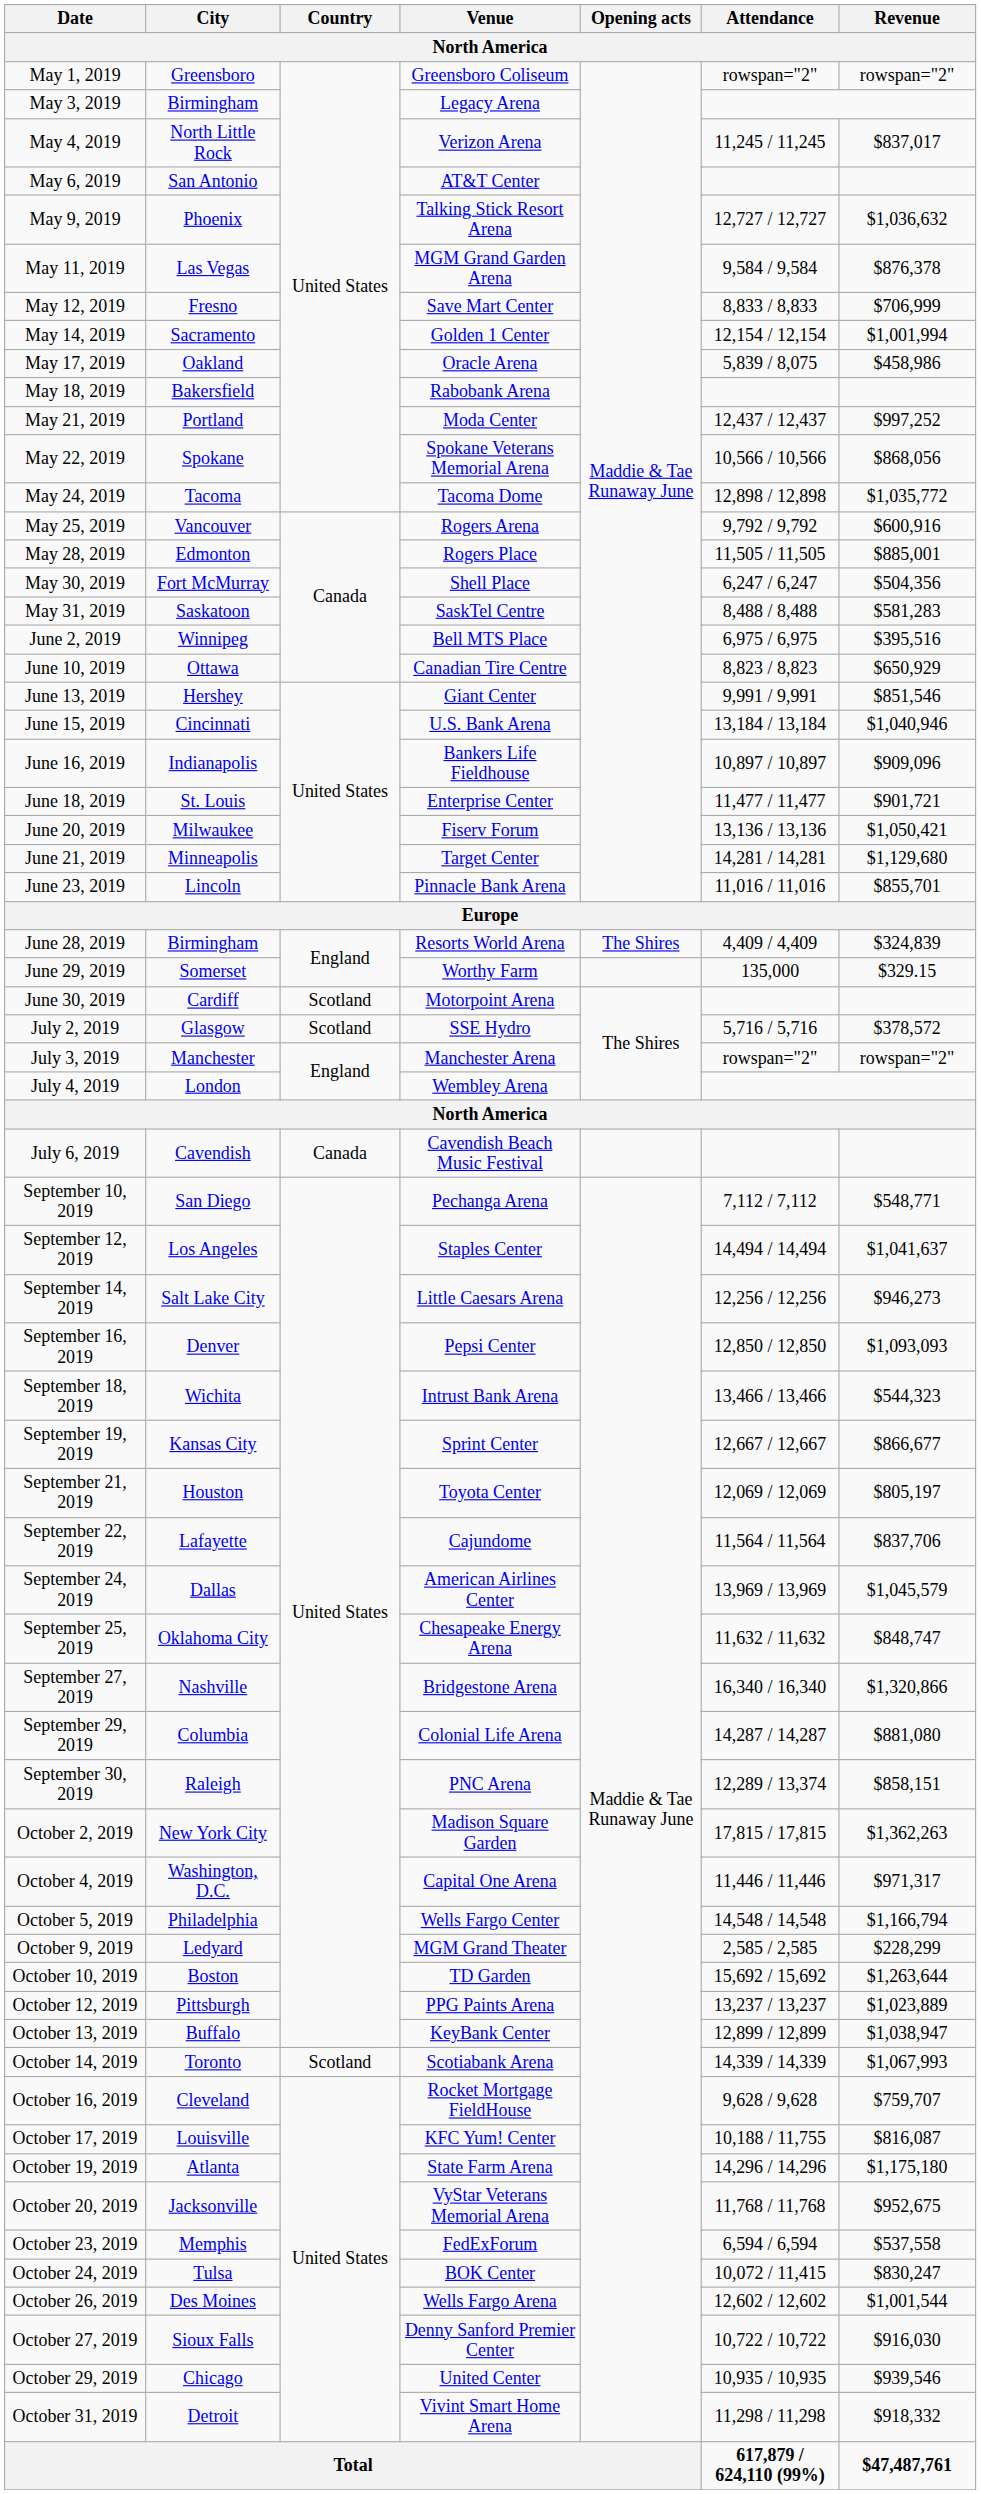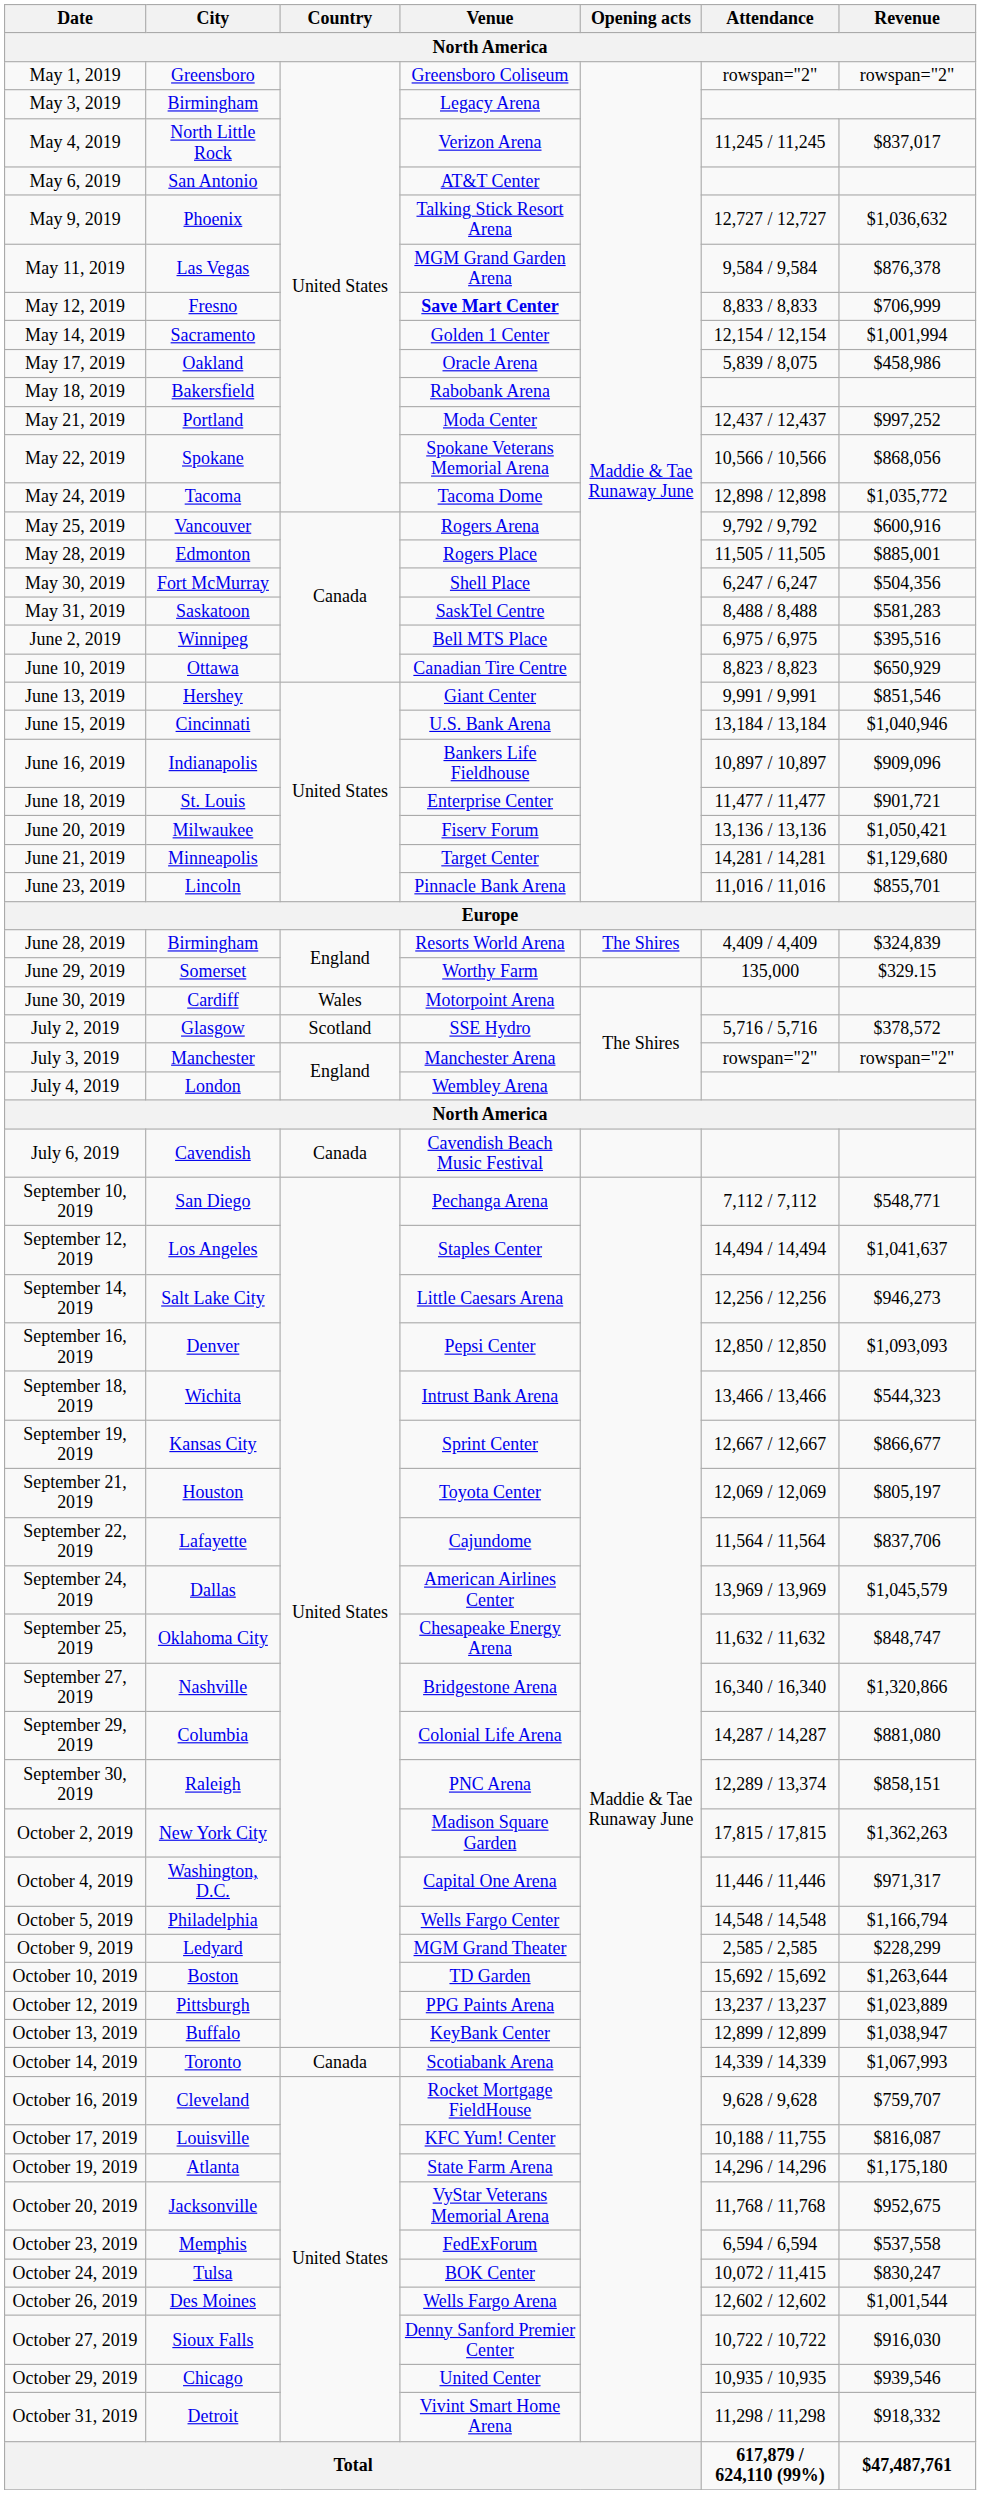 <table class="wikitable" style="text-align:center;">
 <tr>
 <th scope="col" style="width:12em;">Date</th>
 <th scope="col" style="width:10em;">City</th>
 <th scope="col" style="width:10em;">Country</th>
 <th scope="col" style="width:16em;">Venue</th>
 <th scope="col" style="width:10em;">Opening acts</th>
 <th scope="col" style="width:10em;">Attendance</th>
 <th scope="col" style="width:10em;">Revenue</th>
 </tr>
 <tr>
 <th colspan="7">North America</th>
 </tr>
 <tr>
 <td>May 1, 2019</td>
 <td><a href='#'>Greensboro</a></td>
 <td rowspan="13">United States</td>
 <td><a href='#'>Greensboro Coliseum</a></td>
 <td rowspan="26"><a href='#'>Maddie & Tae</a><br><a href='#'>Runaway June</a></td>
 <td>rowspan="2" </td>
 <td>rowspan="2" </td>
 </tr>
 <tr>
 <td>May 3, 2019</td>
 <td><a href='#'>Birmingham</a></td>
 <td><a href='#'>Legacy Arena</a></td>
 </tr>
 <tr>
 <td>May 4, 2019</td>
 <td><a href='#'>North Little Rock</a></td>
 <td><a href='#'>Verizon Arena</a></td>
 <td>11,245 / 11,245</td>
 <td>$837,017</td>
 </tr>
 <tr>
 <td>May 6, 2019</td>
 <td><a href='#'>San Antonio</a></td>
 <td><a href='#'>AT&T Center</a></td>
 <td></td>
 <td></td>
 </tr>
 <tr>
 <td>May 9, 2019</td>
 <td><a href='#'>Phoenix</a></td>
 <td><a href='#'>Talking Stick Resort Arena</a></td>
 <td>12,727 / 12,727</td>
 <td>$1,036,632</td>
 </tr>
 <tr>
 <td>May 11, 2019</td>
 <td><a href='#'>Las Vegas</a></td>
 <td><a href='#'>MGM Grand Garden Arena</a></td>
 <td>9,584 / 9,584</td>
 <td>$876,378</td>
 </tr>
 <tr>
 <td>May 12, 2019</td>
 <td><a href='#'>Fresno</a></td>
-<td><a href='#'>Save Mart Center</a></td>
+<td><strong><a href='#'>Save Mart Center</a></strong></td>
 <td>8,833 / 8,833</td>
 <td>$706,999</td>
 </tr>
 <tr>
 <td>May 14, 2019</td>
 <td><a href='#'>Sacramento</a></td>
 <td><a href='#'>Golden 1 Center</a></td>
 <td>12,154 / 12,154</td>
 <td>$1,001,994</td>
 </tr>
 <tr>
 <td>May 17, 2019</td>
 <td><a href='#'>Oakland</a></td>
 <td><a href='#'>Oracle Arena</a></td>
 <td>5,839 / 8,075</td>
 <td>$458,986</td>
 </tr>
 <tr>
 <td>May 18, 2019</td>
 <td><a href='#'>Bakersfield</a></td>
 <td><a href='#'>Rabobank Arena</a></td>
 <td></td>
 <td></td>
 </tr>
 <tr>
 <td>May 21, 2019</td>
 <td><a href='#'>Portland</a></td>
 <td><a href='#'>Moda Center</a></td>
 <td>12,437 / 12,437</td>
 <td>$997,252</td>
 </tr>
 <tr>
 <td>May 22, 2019</td>
 <td><a href='#'>Spokane</a></td>
 <td><a href='#'>Spokane Veterans Memorial Arena</a></td>
 <td>10,566 / 10,566</td>
 <td>$868,056</td>
 </tr>
 <tr>
 <td>May 24, 2019</td>
 <td><a href='#'>Tacoma</a></td>
 <td><a href='#'>Tacoma Dome</a></td>
 <td>12,898 / 12,898</td>
 <td>$1,035,772</td>
 </tr>
 <tr>
 <td>May 25, 2019</td>
 <td><a href='#'>Vancouver</a></td>
 <td rowspan="6">Canada</td>
 <td><a href='#'>Rogers Arena</a></td>
 <td>9,792 / 9,792</td>
 <td>$600,916</td>
 </tr>
 <tr>
 <td>May 28, 2019</td>
 <td><a href='#'>Edmonton</a></td>
 <td><a href='#'>Rogers Place</a></td>
 <td>11,505 / 11,505</td>
 <td>$885,001</td>
 </tr>
 <tr>
 <td>May 30, 2019</td>
 <td><a href='#'>Fort McMurray</a></td>
 <td><a href='#'>Shell Place</a></td>
 <td>6,247 / 6,247</td>
 <td>$504,356</td>
 </tr>
 <tr>
 <td>May 31, 2019</td>
 <td><a href='#'>Saskatoon</a></td>
 <td><a href='#'>SaskTel Centre</a></td>
 <td>8,488 / 8,488</td>
 <td>$581,283</td>
 </tr>
 <tr>
 <td>June 2, 2019</td>
 <td><a href='#'>Winnipeg</a></td>
 <td><a href='#'>Bell MTS Place</a></td>
 <td>6,975 / 6,975</td>
 <td>$395,516</td>
 </tr>
 <tr>
 <td>June 10, 2019</td>
 <td><a href='#'>Ottawa</a></td>
 <td><a href='#'>Canadian Tire Centre</a></td>
 <td>8,823 / 8,823</td>
 <td>$650,929</td>
 </tr>
 <tr>
 <td>June 13, 2019</td>
 <td><a href='#'>Hershey</a></td>
 <td rowspan="7">United States</td>
 <td><a href='#'>Giant Center</a></td>
 <td>9,991 / 9,991</td>
 <td>$851,546</td>
 </tr>
 <tr>
 <td>June 15, 2019</td>
 <td><a href='#'>Cincinnati</a></td>
 <td><a href='#'>U.S. Bank Arena</a></td>
 <td>13,184 / 13,184</td>
 <td>$1,040,946</td>
 </tr>
 <tr>
 <td>June 16, 2019</td>
 <td><a href='#'>Indianapolis</a></td>
 <td><a href='#'>Bankers Life Fieldhouse</a></td>
 <td>10,897 / 10,897</td>
 <td>$909,096</td>
 </tr>
 <tr>
 <td>June 18, 2019</td>
 <td><a href='#'>St. Louis</a></td>
 <td><a href='#'>Enterprise Center</a></td>
 <td>11,477 / 11,477</td>
 <td>$901,721</td>
 </tr>
 <tr>
 <td>June 20, 2019</td>
 <td><a href='#'>Milwaukee</a></td>
 <td><a href='#'>Fiserv Forum</a></td>
 <td>13,136 / 13,136</td>
 <td>$1,050,421</td>
 </tr>
 <tr>
 <td>June 21, 2019</td>
 <td><a href='#'>Minneapolis</a></td>
 <td><a href='#'>Target Center</a></td>
 <td>14,281 / 14,281</td>
 <td>$1,129,680</td>
 </tr>
 <tr>
 <td>June 23, 2019</td>
 <td><a href='#'>Lincoln</a></td>
 <td><a href='#'>Pinnacle Bank Arena</a></td>
 <td>11,016 / 11,016</td>
 <td>$855,701</td>
 </tr>
 <tr>
 <th colspan="7">Europe</th>
 </tr>
 <tr>
 <td>June 28, 2019</td>
 <td><a href='#'>Birmingham</a></td>
 <td rowspan="2">England</td>
 <td><a href='#'>Resorts World Arena</a></td>
 <td><a href='#'>The Shires</a></td>
 <td>4,409 / 4,409</td>
 <td>$324,839</td>
 </tr>
 <tr>
 <td>June 29, 2019</td>
 <td><a href='#'>Somerset</a></td>
 <td><a href='#'>Worthy Farm</a></td>
 <td></td>
 <td>135,000</td>
 <td>$329.15</td>
 </tr>
 <tr>
 <td>June 30, 2019</td>
 <td><a href='#'>Cardiff</a></td>
-<td>Scotland</td>
+<td>Wales</td>
 <td><a href='#'>Motorpoint Arena</a></td>
 <td rowspan="4">The Shires</td>
 <td></td>
 <td></td>
 </tr>
 <tr>
 <td>July 2, 2019</td>
 <td><a href='#'>Glasgow</a></td>
 <td>Scotland</td>
 <td><a href='#'>SSE Hydro</a></td>
 <td>5,716 / 5,716</td>
 <td>$378,572</td>
 </tr>
 <tr>
 <td>July 3, 2019</td>
 <td><a href='#'>Manchester</a></td>
 <td rowspan="2">England</td>
 <td><a href='#'>Manchester Arena</a></td>
 <td>rowspan="2" </td>
 <td>rowspan="2" </td>
 </tr>
 <tr>
 <td>July 4, 2019</td>
 <td><a href='#'>London</a></td>
 <td><a href='#'>Wembley Arena</a></td>
 </tr>
 <tr>
 <th colspan="7">North America</th>
 </tr>
 <tr>
 <td>July 6, 2019</td>
 <td><a href='#'>Cavendish</a></td>
 <td>Canada</td>
 <td><a href='#'>Cavendish Beach Music Festival</a></td>
 <td></td>
 <td></td>
 <td></td>
 </tr>
 <tr>
 <td>September 10, 2019</td>
 <td><a href='#'>San Diego</a></td>
 <td rowspan="20">United States</td>
 <td><a href='#'>Pechanga Arena</a></td>
 <td rowspan="31">Maddie & Tae <br>Runaway June</td>
 <td>7,112 / 7,112</td>
 <td>$548,771</td>
 </tr>
 <tr>
 <td>September 12, 2019</td>
 <td><a href='#'>Los Angeles</a></td>
 <td><a href='#'>Staples Center</a></td>
 <td>14,494 / 14,494</td>
 <td>$1,041,637</td>
 </tr>
 <tr>
 <td>September 14, 2019</td>
 <td><a href='#'>Salt Lake City</a></td>
 <td><a href='#'>Little Caesars Arena</a></td>
 <td>12,256 / 12,256</td>
 <td>$946,273</td>
 </tr>
 <tr>
 <td>September 16, 2019</td>
 <td><a href='#'>Denver</a></td>
 <td><a href='#'>Pepsi Center</a></td>
 <td>12,850 / 12,850</td>
 <td>$1,093,093</td>
 </tr>
 <tr>
 <td>September 18, 2019</td>
 <td><a href='#'>Wichita</a></td>
 <td><a href='#'>Intrust Bank Arena</a></td>
 <td>13,466 / 13,466</td>
 <td>$544,323</td>
 </tr>
 <tr>
 <td>September 19, 2019</td>
 <td><a href='#'>Kansas City</a></td>
 <td><a href='#'>Sprint Center</a></td>
 <td>12,667 / 12,667</td>
 <td>$866,677</td>
 </tr>
 <tr>
 <td>September 21, 2019</td>
 <td><a href='#'>Houston</a></td>
 <td><a href='#'>Toyota Center</a></td>
 <td>12,069 / 12,069</td>
 <td>$805,197</td>
 </tr>
 <tr>
 <td>September 22, 2019</td>
 <td><a href='#'>Lafayette</a></td>
 <td><a href='#'>Cajundome</a></td>
 <td>11,564 / 11,564</td>
 <td>$837,706</td>
 </tr>
 <tr>
 <td>September 24, 2019</td>
 <td><a href='#'>Dallas</a></td>
 <td><a href='#'>American Airlines Center</a></td>
 <td>13,969 / 13,969</td>
 <td>$1,045,579</td>
 </tr>
 <tr>
 <td>September 25, 2019</td>
 <td><a href='#'>Oklahoma City</a></td>
 <td><a href='#'>Chesapeake Energy Arena</a></td>
 <td>11,632 / 11,632</td>
 <td>$848,747</td>
 </tr>
 <tr>
 <td>September 27, 2019</td>
 <td><a href='#'>Nashville</a></td>
 <td><a href='#'>Bridgestone Arena</a></td>
 <td>16,340 / 16,340</td>
 <td>$1,320,866</td>
 </tr>
 <tr>
 <td>September 29, 2019</td>
 <td><a href='#'>Columbia</a></td>
 <td><a href='#'>Colonial Life Arena</a></td>
 <td>14,287 / 14,287</td>
 <td>$881,080</td>
 </tr>
 <tr>
 <td>September 30, 2019</td>
 <td><a href='#'>Raleigh</a></td>
 <td><a href='#'>PNC Arena</a></td>
 <td>12,289 / 13,374</td>
 <td>$858,151</td>
 </tr>
 <tr>
 <td>October 2, 2019</td>
 <td><a href='#'>New York City</a></td>
 <td><a href='#'>Madison Square Garden</a></td>
 <td>17,815 / 17,815</td>
 <td>$1,362,263</td>
 </tr>
 <tr>
 <td>October 4, 2019</td>
 <td><a href='#'>Washington, D.C.</a></td>
 <td><a href='#'>Capital One Arena</a></td>
 <td>11,446 / 11,446</td>
 <td>$971,317</td>
 </tr>
 <tr>
 <td>October 5, 2019</td>
 <td><a href='#'>Philadelphia</a></td>
 <td><a href='#'>Wells Fargo Center</a></td>
 <td>14,548 / 14,548</td>
 <td>$1,166,794</td>
 </tr>
 <tr>
 <td>October 9, 2019</td>
 <td><a href='#'>Ledyard</a></td>
 <td><a href='#'>MGM Grand Theater</a></td>
 <td>2,585 / 2,585</td>
 <td>$228,299</td>
 </tr>
 <tr>
 <td>October 10, 2019</td>
 <td><a href='#'>Boston</a></td>
 <td><a href='#'>TD Garden</a></td>
 <td>15,692 / 15,692</td>
 <td>$1,263,644</td>
 </tr>
 <tr>
 <td>October 12, 2019</td>
 <td><a href='#'>Pittsburgh</a></td>
 <td><a href='#'>PPG Paints Arena</a></td>
 <td>13,237 / 13,237</td>
 <td>$1,023,889</td>
 </tr>
 <tr>
 <td>October 13, 2019</td>
 <td><a href='#'>Buffalo</a></td>
 <td><a href='#'>KeyBank Center</a></td>
 <td>12,899 / 12,899</td>
 <td>$1,038,947</td>
 </tr>
 <tr>
 <td>October 14, 2019</td>
 <td><a href='#'>Toronto</a></td>
-<td>Scotland</td>
+<td>Canada</td>
 <td><a href='#'>Scotiabank Arena</a></td>
 <td>14,339 / 14,339</td>
 <td>$1,067,993</td>
 </tr>
 <tr>
 <td>October 16, 2019</td>
 <td><a href='#'>Cleveland</a></td>
 <td rowspan="10">United States</td>
 <td><a href='#'>Rocket Mortgage FieldHouse</a></td>
 <td>9,628 / 9,628</td>
 <td>$759,707</td>
 </tr>
 <tr>
 <td>October 17, 2019</td>
 <td><a href='#'>Louisville</a></td>
 <td><a href='#'>KFC Yum! Center</a></td>
 <td>10,188 / 11,755</td>
 <td>$816,087</td>
 </tr>
 <tr>
 <td>October 19, 2019</td>
 <td><a href='#'>Atlanta</a></td>
 <td><a href='#'>State Farm Arena</a></td>
 <td>14,296 / 14,296</td>
 <td>$1,175,180</td>
 </tr>
 <tr>
 <td>October 20, 2019</td>
 <td><a href='#'>Jacksonville</a></td>
 <td><a href='#'>VyStar Veterans Memorial Arena</a></td>
 <td>11,768 / 11,768</td>
 <td>$952,675</td>
 </tr>
 <tr>
 <td>October 23, 2019</td>
 <td><a href='#'>Memphis</a></td>
 <td><a href='#'>FedExForum</a></td>
 <td>6,594 / 6,594</td>
 <td>$537,558</td>
 </tr>
 <tr>
 <td>October 24, 2019</td>
 <td><a href='#'>Tulsa</a></td>
 <td><a href='#'>BOK Center</a></td>
 <td>10,072 / 11,415</td>
 <td>$830,247</td>
 </tr>
 <tr>
 <td>October 26, 2019</td>
 <td><a href='#'>Des Moines</a></td>
 <td><a href='#'>Wells Fargo Arena</a></td>
 <td>12,602 / 12,602</td>
 <td>$1,001,544</td>
 </tr>
 <tr>
 <td>October 27, 2019</td>
 <td><a href='#'>Sioux Falls</a></td>
 <td><a href='#'>Denny Sanford Premier Center</a></td>
 <td>10,722 / 10,722</td>
 <td>$916,030</td>
 </tr>
 <tr>
 <td>October 29, 2019</td>
 <td><a href='#'>Chicago</a></td>
 <td><a href='#'>United Center</a></td>
 <td>10,935 / 10,935</td>
 <td>$939,546</td>
 </tr>
 <tr>
 <td>October 31, 2019</td>
 <td><a href='#'>Detroit</a></td>
 <td><a href='#'>Vivint Smart Home Arena</a></td>
 <td>11,298 / 11,298</td>
 <td>$918,332</td>
 </tr>
 <tr>
 <th colspan="5">Total</th>
 <td><strong>617,879 / 624,110 (99%)</strong></td>
 <td><strong>$47,487,761</strong></td>
 </tr>
 </table>
